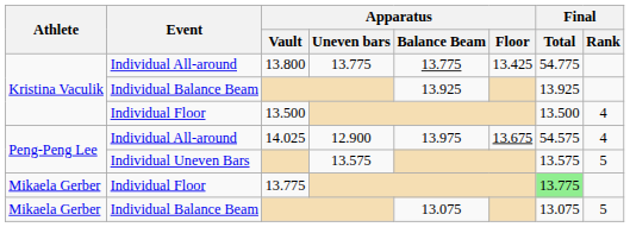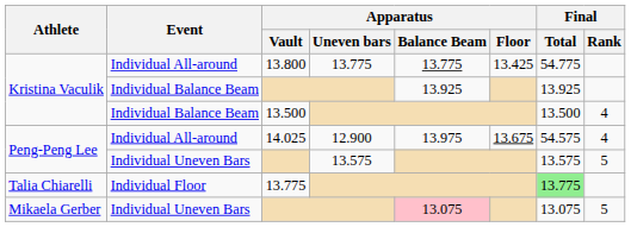 <table class="wikitable" style="font-size:90%">
 <tr>
 <th rowspan="2">Athlete</th>
 <th rowspan="2">Event</th>
 <th colspan = "4">Apparatus</th>
 <th colspan = "2">Final</th>
 </tr>
 <tr>
 <th>Vault</th>
 <th>Uneven bars</th>
 <th>Balance Beam</th>
 <th>Floor</th>
 <th>Total</th>
 <th>Rank</th>
 </tr>
 <tr>
 <td rowspan=3><a href='#'>Kristina Vaculik</a></td>
 <td><a href='#'>Individual All-around</a></td>
 <td align=center>13.800</td>
 <td align=center>13.775</td>
 <td align=center><u>13.775</u></td>
 <td align=center>13.425</td>
 <td align=center>54.775</td>
 <td align=center></td>
 </tr>
 <tr>
 <td><a href='#'>Individual Balance Beam</a></td>
 <td align=center colspan=2 bgcolor=wheat></td>
 <td align=center>13.925</td>
 <td align=center bgcolor=wheat></td>
 <td align=center>13.925</td>
 <td align=center></td>
 </tr>
 <tr>
-<td><a href='#'>Individual Floor</a></td>
+<td><a href='#'>Individual Balance Beam</a></td>
 <td align=center>13.500</td>
 <td align=center colspan=3 bgcolor=wheat></td>
 <td align=center>13.500</td>
 <td align=center>4</td>
 </tr>
 <tr>
 <td rowspan=2><a href='#'>Peng-Peng Lee</a></td>
 <td><a href='#'>Individual All-around</a></td>
 <td align=center>14.025</td>
 <td align=center>12.900</td>
 <td align=center>13.975</td>
 <td align=center><u>13.675</u></td>
 <td align=center>54.575</td>
 <td align=center>4</td>
 </tr>
 <tr>
 <td><a href='#'>Individual Uneven Bars</a></td>
 <td align=center bgcolor=wheat></td>
 <td align=center>13.575</td>
 <td align=center colspan=2 bgcolor=wheat></td>
 <td align=center>13.575</td>
 <td align=center>5</td>
 </tr>
 <tr>
-<td><a href='#'>Mikaela Gerber</a></td>
+<td><a href='#'>Talia Chiarelli</a></td>
 <td><a href='#'>Individual Floor</a></td>
 <td align=center>13.775</td>
 <td align=center colspan=3 bgcolor=wheat></td>
 <td align=center style="background: lightgreen;">13.775</td>
 <td align=center></td>
 </tr>
 <tr>
 <td><a href='#'>Mikaela Gerber</a></td>
-<td><a href='#'>Individual Balance Beam</a></td>
+<td><a href='#'>Individual Uneven Bars</a></td>
 <td align=center colspan=2 bgcolor=wheat></td>
-<td align=center>13.075</td>
+<td align=center style="background: pink;">13.075</td>
 <td align=center bgcolor=wheat></td>
 <td align=center>13.075</td>
 <td align=center>5</td>
 </tr>
 </table>
